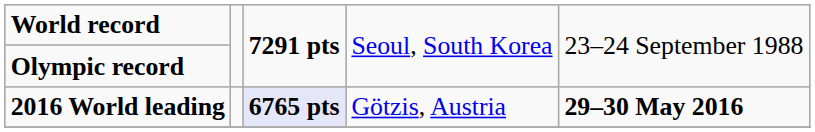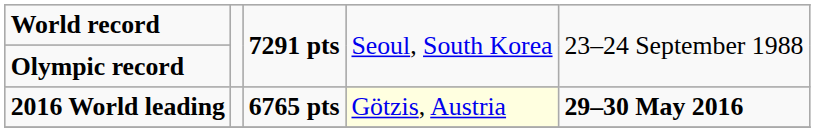 <table class="wikitable">
 <tr>
 <td><strong>World record</strong></td>
 <td rowspan=2></td>
 <td rowspan=2><strong>7291 pts</strong></td>
 <td rowspan=2><a href='#'>Seoul</a>, <a href='#'>South Korea</a></td>
 <td rowspan=2>23–24 September 1988</td>
 </tr>
 <tr>
 <td><strong>Olympic record</strong></td>
 </tr>
 <tr>
 <td><strong>2016 World leading</strong></td>
 <td></td>
-<td style="background: lavender;"><strong>6765 pts</strong></td>
-<td><a href='#'>Götzis</a>, <a href='#'>Austria</a></td>
+<td><strong>6765 pts</strong></td>
+<td style="background: lightyellow;"><a href='#'>Götzis</a>, <a href='#'>Austria</a></td>
 <td><strong>29–30 May 2016</strong></td>
 </tr>
 <tr>
 </tr>
 </table>
